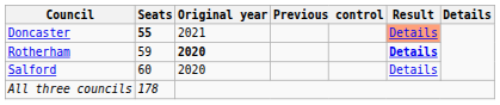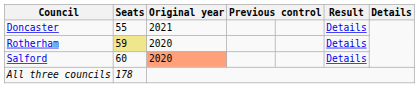 <table class="wikitable sortable">
 <tr>
 <th>Council</th>
 <th>Seats</th>
 <th>Original year</th>
 <th colspan="2">Previous control</th>
 <th colspan="2">Result</th>
 <th>Details</th>
 </tr>
 <tr>
 <td><a href='#'>Doncaster</a></td>
-<td><strong>55</strong></td>
+<td>55</td>
 <td>2021</td>
 <td></td>
 <td></td>
-<td style="background: lightsalmon;"><a href='#'>Details</a></td>
+<td><a href='#'>Details</a></td>
 </tr>
 <tr>
 <td><a href='#'>Rotherham</a></td>
-<td>59</td>
-<td><strong>2020</strong></td>
+<td style="background: khaki;">59</td>
+<td>2020</td>
 <td></td>
 <td></td>
-<td><strong><a href='#'>Details</a></strong></td>
+<td><a href='#'>Details</a></td>
 </tr>
 <tr>
 <td><a href='#'>Salford</a></td>
 <td>60</td>
-<td>2020</td>
+<td style="background: lightsalmon;">2020</td>
 <td></td>
 <td></td>
 <td><a href='#'>Details</a></td>
 </tr>
 <tr>
 <td><em>All three councils</em></td>
 <td><em>178</em></td>
 <td colspan="6"></td>
 </tr>
 </table>
